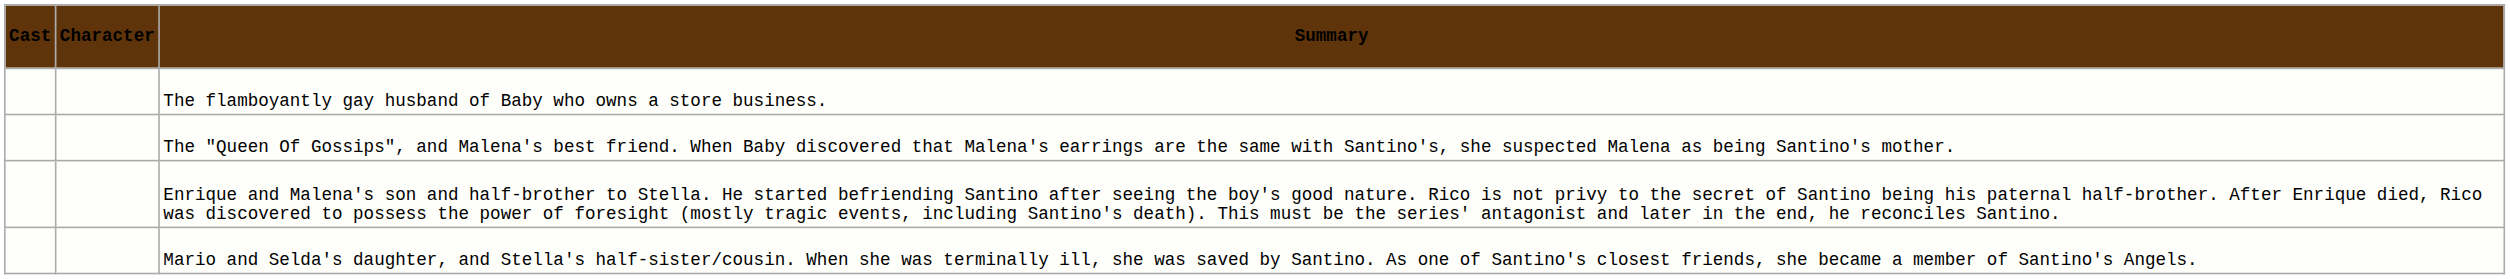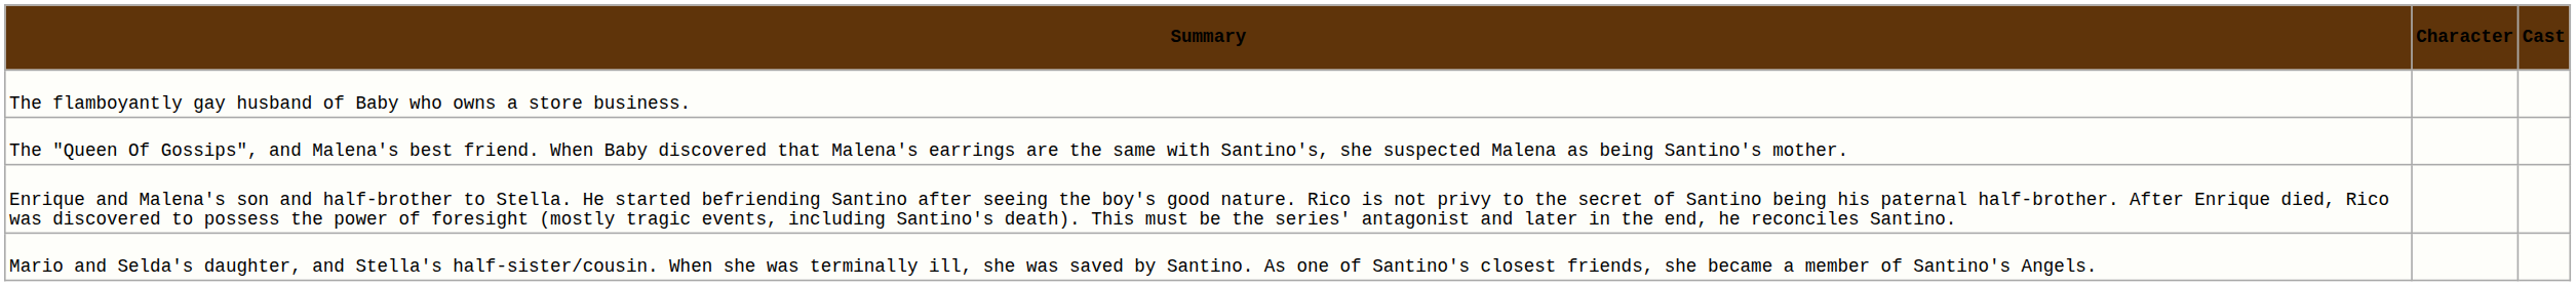 <table class="wikitable" style=" background:#FEFEFA; font-size: 85%;">
 <tr>
+<th style="background:#5F340A ;"><p>Summary</p></th>
+<th style="background:#5F340A; "><p>Character</p></th>
 <th style="background:#5F340A ;"><p>Cast</p></th>
-<th style="background:#5F340A; "><p>Character</p></th>
-<th style="background:#5F340A ;"><p>Summary</p></th>
 </tr>
 <tr>
+<td><br>The flamboyantly gay husband of Baby who owns a store business.</td>
 <td></td>
 <td></td>
-<td><br>The flamboyantly gay husband of Baby who owns a store business.</td>
 </tr>
 <tr>
+<td><br>The "Queen Of Gossips", and Malena's best friend. When Baby discovered that Malena's earrings are the same with Santino's, she suspected Malena as being Santino's mother.</td>
 <td></td>
 <td></td>
-<td><br>The "Queen Of Gossips", and Malena's best friend. When Baby discovered that Malena's earrings are the same with Santino's, she suspected Malena as being Santino's mother.</td>
 </tr>
 <tr>
+<td><br>Enrique and Malena's son and half-brother to Stella. He started befriending Santino after seeing the boy's good nature. Rico is not privy to the secret of Santino being his paternal half-brother. After Enrique died, Rico was discovered to possess the power of foresight (mostly tragic events, including Santino's death). This must be the series' antagonist and later in the end, he reconciles Santino.</td>
 <td></td>
 <td></td>
-<td><br>Enrique and Malena's son and half-brother to Stella. He started befriending Santino after seeing the boy's good nature. Rico is not privy to the secret of Santino being his paternal half-brother. After Enrique died, Rico was discovered to possess the power of foresight (mostly tragic events, including Santino's death). This must be the series' antagonist and later in the end, he reconciles Santino.</td>
 </tr>
 <tr>
+<td><br>Mario and Selda's daughter, and Stella's half-sister/cousin. When she was terminally ill, she was saved by Santino. As one of Santino's closest friends, she became a member of Santino's Angels.</td>
 <td></td>
 <td></td>
-<td><br>Mario and Selda's daughter, and Stella's half-sister/cousin. When she was terminally ill, she was saved by Santino. As one of Santino's closest friends, she became a member of Santino's Angels.</td>
 </tr>
 </table>
